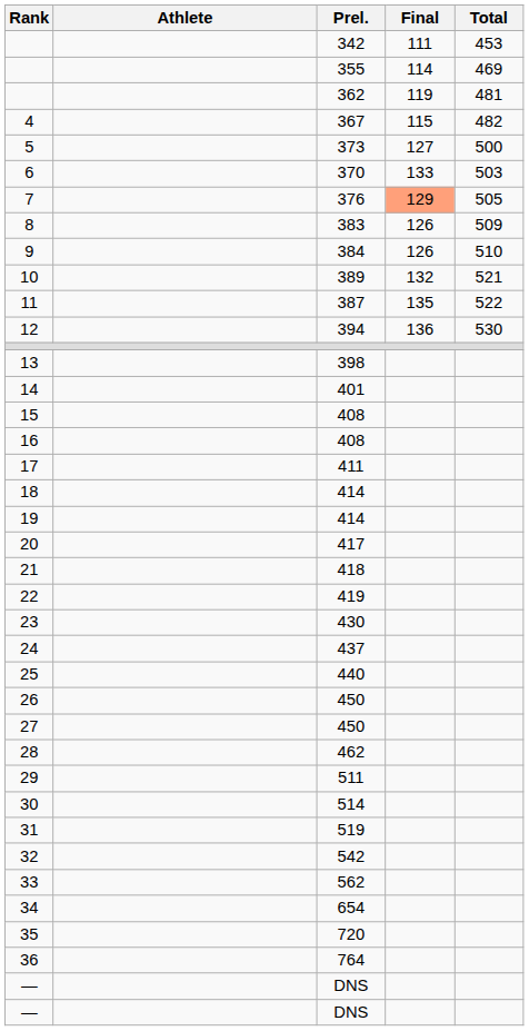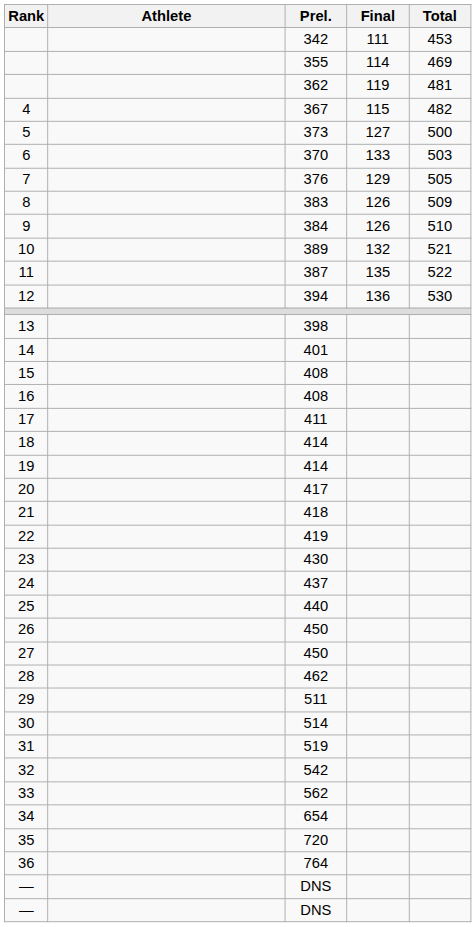 <table class=wikitable style="text-align:center">
 <tr>
 <th width=40>Rank</th>
 <th width=250>Athlete</th>
 <th width=60>Prel.</th>
 <th width=60>Final</th>
 <th width=60>Total</th>
 </tr>
 <tr>
 <td></td>
 <td align=left></td>
 <td>342</td>
 <td>111</td>
 <td>453</td>
 </tr>
 <tr>
 <td></td>
 <td align=left></td>
 <td>355</td>
 <td>114</td>
 <td>469</td>
 </tr>
 <tr>
 <td></td>
 <td align=left></td>
 <td>362</td>
 <td>119</td>
 <td>481</td>
 </tr>
 <tr>
 <td>4</td>
 <td align=left></td>
 <td>367</td>
 <td>115</td>
 <td>482</td>
 </tr>
 <tr>
 <td>5</td>
 <td align=left></td>
 <td>373</td>
 <td>127</td>
 <td>500</td>
 </tr>
 <tr>
 <td>6</td>
 <td align=left></td>
 <td>370</td>
 <td>133</td>
 <td>503</td>
 </tr>
 <tr>
 <td>7</td>
 <td align=left></td>
 <td>376</td>
-<td style="background: lightsalmon;">129</td>
+<td>129</td>
 <td>505</td>
 </tr>
 <tr>
 <td>8</td>
 <td align=left></td>
 <td>383</td>
 <td>126</td>
 <td>509</td>
 </tr>
 <tr>
 <td>9</td>
 <td align=left></td>
 <td>384</td>
 <td>126</td>
 <td>510</td>
 </tr>
 <tr>
 <td>10</td>
 <td align=left></td>
 <td>389</td>
 <td>132</td>
 <td>521</td>
 </tr>
 <tr>
 <td>11</td>
 <td align=left></td>
 <td>387</td>
 <td>135</td>
 <td>522</td>
 </tr>
 <tr>
 <td>12</td>
 <td align=left></td>
 <td>394</td>
 <td>136</td>
 <td>530</td>
 </tr>
 <tr bgcolor=#DDDDDD>
 <td colspan=5></td>
 </tr>
 <tr>
 <td>13</td>
 <td align=left></td>
 <td>398</td>
 <td></td>
 <td></td>
 </tr>
 <tr>
 <td>14</td>
 <td align=left></td>
 <td>401</td>
 <td></td>
 <td></td>
 </tr>
 <tr>
 <td>15</td>
 <td align=left></td>
 <td>408</td>
 <td></td>
 <td></td>
 </tr>
 <tr>
 <td>16</td>
 <td align=left></td>
 <td>408</td>
 <td></td>
 <td></td>
 </tr>
 <tr>
 <td>17</td>
 <td align=left></td>
 <td>411</td>
 <td></td>
 <td></td>
 </tr>
 <tr>
 <td>18</td>
 <td align=left></td>
 <td>414</td>
 <td></td>
 <td></td>
 </tr>
 <tr>
 <td>19</td>
 <td align=left></td>
 <td>414</td>
 <td></td>
 <td></td>
 </tr>
 <tr>
 <td>20</td>
 <td align=left></td>
 <td>417</td>
 <td></td>
 <td></td>
 </tr>
 <tr>
 <td>21</td>
 <td align=left></td>
 <td>418</td>
 <td></td>
 <td></td>
 </tr>
 <tr>
 <td>22</td>
 <td align=left></td>
 <td>419</td>
 <td></td>
 <td></td>
 </tr>
 <tr>
 <td>23</td>
 <td align=left></td>
 <td>430</td>
 <td></td>
 <td></td>
 </tr>
 <tr>
 <td>24</td>
 <td align=left></td>
 <td>437</td>
 <td></td>
 <td></td>
 </tr>
 <tr>
 <td>25</td>
 <td align=left></td>
 <td>440</td>
 <td></td>
 <td></td>
 </tr>
 <tr>
 <td>26</td>
 <td align=left></td>
 <td>450</td>
 <td></td>
 <td></td>
 </tr>
 <tr>
 <td>27</td>
 <td align=left></td>
 <td>450</td>
 <td></td>
 <td></td>
 </tr>
 <tr>
 <td>28</td>
 <td align=left></td>
 <td>462</td>
 <td></td>
 <td></td>
 </tr>
 <tr>
 <td>29</td>
 <td align=left></td>
 <td>511</td>
 <td></td>
 <td></td>
 </tr>
 <tr>
 <td>30</td>
 <td align=left></td>
 <td>514</td>
 <td></td>
 <td></td>
 </tr>
 <tr>
 <td>31</td>
 <td align=left></td>
 <td>519</td>
 <td></td>
 <td></td>
 </tr>
 <tr>
 <td>32</td>
 <td align=left></td>
 <td>542</td>
 <td></td>
 <td></td>
 </tr>
 <tr>
 <td>33</td>
 <td align=left></td>
 <td>562</td>
 <td></td>
 <td></td>
 </tr>
 <tr>
 <td>34</td>
 <td align=left></td>
 <td>654</td>
 <td></td>
 <td></td>
 </tr>
 <tr>
 <td>35</td>
 <td align=left></td>
 <td>720</td>
 <td></td>
 <td></td>
 </tr>
 <tr>
 <td>36</td>
 <td align=left></td>
 <td>764</td>
 <td></td>
 <td></td>
 </tr>
 <tr>
 <td>—</td>
 <td align=left></td>
 <td>DNS</td>
 <td></td>
 <td></td>
 </tr>
 <tr>
 <td>—</td>
 <td align=left></td>
 <td>DNS</td>
 <td></td>
 <td></td>
 </tr>
 </table>
